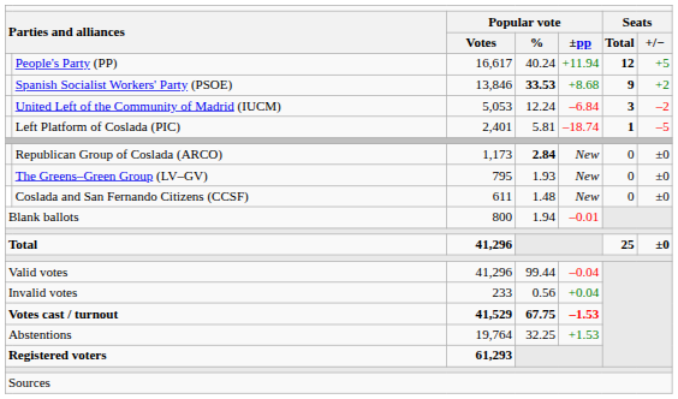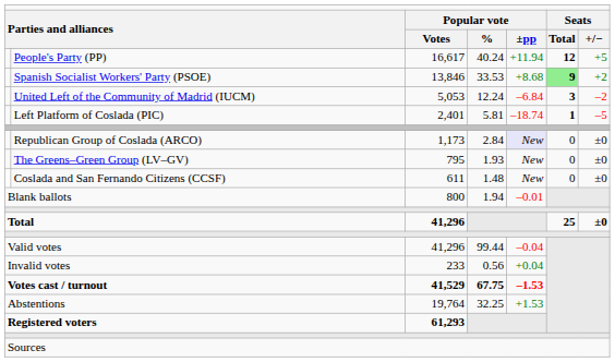 <table class="wikitable" style="text-align:right;">
 <tr>
 <td colspan="7"></td>
 </tr>
 <tr>
 <th style="text-align:left;" rowspan="2" colspan="2" width="525">Parties and alliances</th>
 <th colspan="3">Popular vote</th>
 <th colspan="2">Seats</th>
 </tr>
 <tr>
 <th width="75">Votes</th>
 <th width="45">%</th>
 <th width="45">±<a href='#'>pp</a></th>
 <th width="35">Total</th>
 <th width="35">+/−</th>
 </tr>
 <tr>
 <td width="1" style="color:inherit;background:"></td>
 <td align="left"><a href='#'>People's Party</a> (PP)</td>
 <td>16,617</td>
 <td>40.24</td>
 <td style="color:green;">+11.94</td>
 <td><strong>12</strong></td>
 <td style="color:green;">+5</td>
 </tr>
 <tr>
 <td style="color:inherit;background:"></td>
 <td align="left"><a href='#'>Spanish Socialist Workers' Party</a> (PSOE)</td>
 <td>13,846</td>
-<td><strong>33.53</strong></td>
+<td>33.53</td>
 <td style="color:green;">+8.68</td>
-<td><strong>9</strong></td>
+<td style="background: lightgreen;"><strong>9</strong></td>
 <td style="color:green;">+2</td>
 </tr>
 <tr>
 <td style="color:inherit;background:"></td>
 <td align="left"><a href='#'>United Left of the Community of Madrid</a> (IUCM)</td>
 <td>5,053</td>
 <td>12.24</td>
 <td style="color:red;">–6.84</td>
 <td><strong>3</strong></td>
 <td style="color:red;">–2</td>
 </tr>
 <tr>
 <td style="color:inherit;background:"></td>
 <td align="left">Left Platform of Coslada (PIC)</td>
 <td>2,401</td>
 <td>5.81</td>
 <td style="color:red;">–18.74</td>
 <td><strong>1</strong></td>
 <td style="color:red;">–5</td>
 </tr>
 <tr>
 <td colspan="7" bgcolor="#C0C0C0"></td>
 </tr>
 <tr>
 <td style="color:inherit;background:"></td>
 <td align="left">Republican Group of Coslada (ARCO)</td>
 <td>1,173</td>
-<td><strong>2.84</strong></td>
-<td><em>New</em></td>
+<td>2.84</td>
+<td style="background: lavender;"><em>New</em></td>
 <td>0</td>
 <td>±0</td>
 </tr>
 <tr>
 <td style="color:inherit;background:"></td>
 <td align="left"><a href='#'>The Greens–Green Group</a> (LV–GV)</td>
 <td>795</td>
 <td>1.93</td>
 <td><em>New</em></td>
 <td>0</td>
 <td>±0</td>
 </tr>
 <tr>
 <td bgcolor="white"></td>
 <td align="left">Coslada and San Fernando Citizens (CCSF)</td>
 <td>611</td>
 <td>1.48</td>
 <td><em>New</em></td>
 <td>0</td>
 <td>±0</td>
 </tr>
 <tr>
 <td align="left" colspan="2">Blank ballots</td>
 <td>800</td>
 <td>1.94</td>
 <td style="color:red;">–0.01</td>
 <td bgcolor="#E9E9E9" colspan="2"></td>
 </tr>
 <tr>
 <td colspan="7" bgcolor="#E9E9E9"></td>
 </tr>
 <tr style="font-weight:bold;">
 <td align="left" colspan="2">Total</td>
 <td>41,296</td>
 <td bgcolor="#E9E9E9" colspan="2"></td>
 <td>25</td>
 <td>±0</td>
 </tr>
 <tr>
 <td colspan="7" bgcolor="#E9E9E9"></td>
 </tr>
 <tr>
 <td align="left" colspan="2">Valid votes</td>
 <td>41,296</td>
 <td>99.44</td>
 <td style="color:red;">–0.04</td>
 <td bgcolor="#E9E9E9" colspan="2" rowspan="5"></td>
 </tr>
 <tr>
 <td align="left" colspan="2">Invalid votes</td>
 <td>233</td>
 <td>0.56</td>
 <td style="color:green;">+0.04</td>
 </tr>
 <tr style="font-weight:bold;">
 <td align="left" colspan="2">Votes cast / turnout</td>
 <td>41,529</td>
 <td>67.75</td>
 <td style="color:red;">–1.53</td>
 </tr>
 <tr>
 <td align="left" colspan="2">Abstentions</td>
 <td>19,764</td>
 <td>32.25</td>
 <td style="color:green;">+1.53</td>
 </tr>
 <tr style="font-weight:bold;">
 <td align="left" colspan="2">Registered voters</td>
 <td>61,293</td>
 <td bgcolor="#E9E9E9" colspan="2"></td>
 </tr>
 <tr>
 <td colspan="7" bgcolor="#E9E9E9"></td>
 </tr>
 <tr>
 <td align="left" colspan="7">Sources</td>
 </tr>
 </table>
